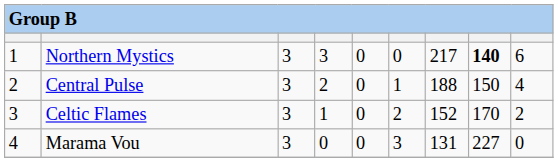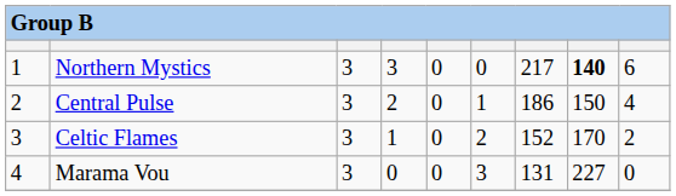 <table class="wikitable collapsible">
 <tr>
 <td colspan=11 style="background-color:#ABCDEF"><strong>Group B</strong></td>
 </tr>
 <tr>
 <th width="25"></th>
 <th width="200"></th>
 <th width="25"></th>
 <th width="25"></th>
 <th width="25"></th>
 <th width="25"></th>
 <th width="30"></th>
 <th width="30"></th>
 <th width="30"></th>
 </tr>
 <tr style="background:#">
 <td>1</td>
 <td style="text-align:left"> <a href='#'>Northern Mystics</a></td>
 <td>3</td>
 <td>3</td>
 <td>0</td>
 <td>0</td>
 <td>217</td>
 <td><strong>140</strong></td>
 <td>6</td>
 </tr>
 <tr style="background:#">
 <td>2</td>
 <td style="text-align:left"> <a href='#'>Central Pulse</a></td>
 <td>3</td>
 <td>2</td>
 <td>0</td>
 <td>1</td>
-<td>188</td>
+<td>186</td>
 <td>150</td>
 <td>4</td>
 </tr>
 <tr style="background:#">
 <td>3</td>
 <td style="text-align:left"> <a href='#'>Celtic Flames</a></td>
 <td>3</td>
 <td>1</td>
 <td>0</td>
 <td>2</td>
 <td>152</td>
 <td>170</td>
 <td>2</td>
 </tr>
 <tr style="background:#">
 <td>4</td>
 <td style="text-align:left"> Marama Vou</td>
 <td>3</td>
 <td>0</td>
 <td>0</td>
 <td>3</td>
 <td>131</td>
 <td>227</td>
 <td>0</td>
 </tr>
 <tr>
 </tr>
 </table>
